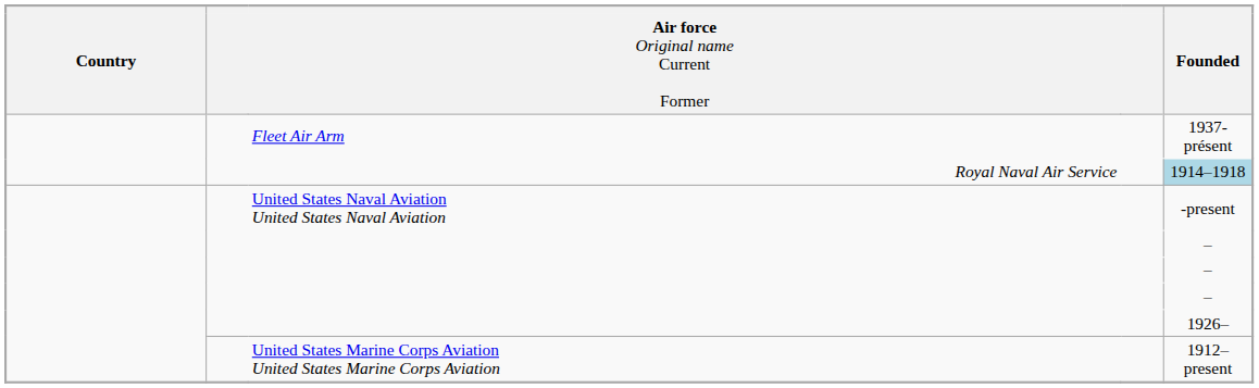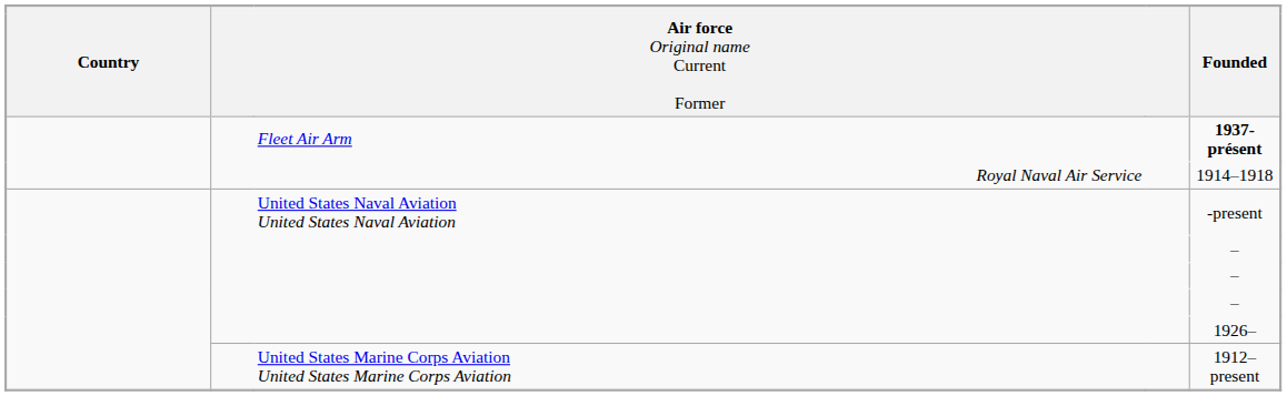 <table width="85%" class="wikitable" style="border:2px solid darkgrey; line-height:12pt; font-size:90%;">
 <tr>
 <th rowspan="2" style="width:165px; border-bottom:none;">Country</th>
 <th style="width:30px; border-bottom:none; border-right:none;"></th>
 <th style="border-bottom:none; border-left:none; border-right:none;"></th>
 <th style="width:30px; border-bottom:none; border-left:none;"></th>
 <th rowspan="2" style="width:70px; border-bottom:none;">Founded</th>
 </tr>
 <tr>
 <th colspan="3" style="border-top:none;font-weight:normal;"><strong>Air force</strong><br><em>Original name</em><div>Current</div><br><div>Former</div></th>
 </tr>
 <tr ------------------------------------------------------style="border-top:solid #aaa 2px">
 <td rowspan="2"></td>
 <td style="border-right:solid #f9f9f9 1px;border-bottom:solid #f9f9f9 1px"></td>
 <td align="left" style="border-right:solid #f9f9f9 1px;border-bottom:solid #f9f9f9 1px"><em><a href='#'>Fleet Air Arm</a></em></td>
 <td style="border-bottom:solid #f9f9f9 1px"></td>
-<td align="center" style="border-bottom:solid #f9f9f9 1px">1937-présent</td>
+<td align="center" style="border-bottom:solid #f9f9f9 1px"><strong>1937-présent</strong></td>
 </tr>
 <tr --->
 <td style="border-right:solid #f9f9f9 1px"></td>
 <td align="right" style="border-right:solid #f9f9f9 1px"><em>Royal Naval Air Service</em></td>
 <td></td>
-<td align="center" style="background: lightblue;">1914–1918</td>
+<td align="center">1914–1918</td>
 </tr>
 <tr ------------------------------------------------------>
 <td rowspan="6"></td>
 <td style="border-right:solid #f9f9f9 1px;border-bottom:solid #f9f9f9 1px"></td>
 <td align="left" style="border-right:solid #f9f9f9 1px;border-bottom:solid #f9f9f9 1px"><a href='#'>United States Naval Aviation</a><br><em>United States Naval Aviation</em></td>
 <td style="border-bottom:solid #f9f9f9 1px"></td>
 <td align="center" style="border-bottom:solid #f9f9f9 1px">-present</td>
 </tr>
 <tr --->
 <td style="border-right:solid #f9f9f9 1px;border-bottom:solid #f9f9f9 1px"></td>
 <td align="right" style="border-right:solid #f9f9f9 1px;border-bottom:solid #f9f9f9 1px"></td>
 <td style="border-bottom:solid #f9f9f9 1px"></td>
 <td align="center" style="border-bottom:solid #f9f9f9 1px">–</td>
 </tr>
 <tr --->
 <td style="border-right:solid #f9f9f9 1px;border-bottom:solid #f9f9f9 1px"></td>
 <td align="right" style="border-right:solid #f9f9f9 1px;border-bottom:solid #f9f9f9 1px"></td>
 <td style="border-bottom:solid #f9f9f9 1px"></td>
 <td align="center" style="border-bottom:solid #f9f9f9 1px">–</td>
 </tr>
 <tr --->
 <td style="border-right:solid #f9f9f9 1px;border-bottom:solid #f9f9f9 1px"></td>
 <td align="right" style="border-right:solid #f9f9f9 1px;border-bottom:solid #f9f9f9 1px"></td>
 <td style="border-bottom:solid #f9f9f9 1px"></td>
 <td align="center" style="border-bottom:solid #f9f9f9 1px">–</td>
 </tr>
 <tr --->
 <td style="border-right:solid #f9f9f9 1px"></td>
 <td align="right" style="border-right:solid #f9f9f9 1px"></td>
 <td></td>
 <td align="center">1926–</td>
 </tr>
 <tr --->
 <td style="border-right:solid #f9f9f9 1px"></td>
 <td align="left" style="border-right:solid #f9f9f9 1px"><a href='#'>United States Marine Corps Aviation</a><br><em>United States Marine Corps Aviation</em></td>
 <td></td>
 <td align="center">1912–present</td>
 </tr>
 </table>
